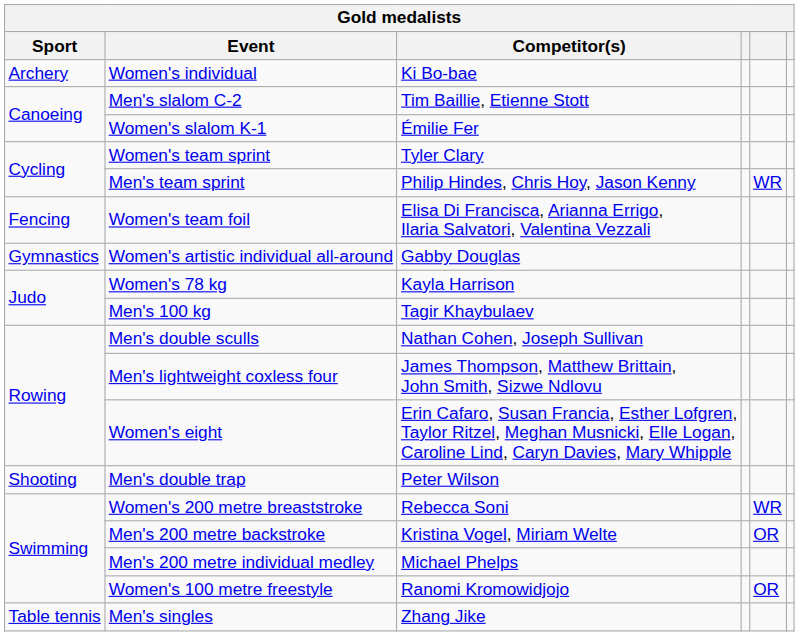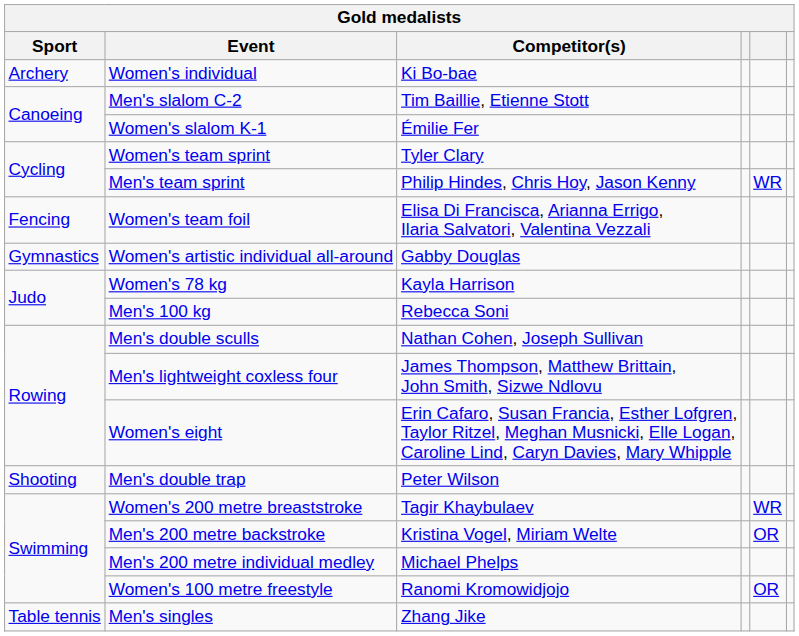 <table class="wikitable">
 <tr>
 <th colspan="6">Gold medalists</th>
 </tr>
 <tr>
 <th>Sport</th>
 <th>Event</th>
 <th>Competitor(s)</th>
 <th></th>
 <th></th>
 <th></th>
 </tr>
 <tr>
 <td><a href='#'>Archery</a></td>
 <td><a href='#'>Women's individual</a></td>
 <td><a href='#'>Ki Bo-bae</a></td>
 <td></td>
 <td></td>
 <td></td>
 </tr>
 <tr>
 <td rowspan="2"><a href='#'>Canoeing</a></td>
 <td><a href='#'>Men's slalom C-2</a></td>
 <td><a href='#'>Tim Baillie</a>, <a href='#'>Etienne Stott</a></td>
 <td></td>
 <td></td>
 <td></td>
 </tr>
 <tr>
 <td><a href='#'>Women's slalom K-1</a></td>
 <td><a href='#'>Émilie Fer</a></td>
 <td></td>
 <td></td>
 <td></td>
 </tr>
 <tr>
 <td rowspan="2"><a href='#'>Cycling</a></td>
 <td><a href='#'>Women's team sprint</a></td>
 <td><a href='#'>Tyler Clary</a></td>
 <td></td>
 <td></td>
 <td></td>
 </tr>
 <tr>
 <td><a href='#'>Men's team sprint</a></td>
 <td><a href='#'>Philip Hindes</a>, <a href='#'>Chris Hoy</a>, <a href='#'>Jason Kenny</a></td>
 <td></td>
 <td><a href='#'>WR</a></td>
 <td></td>
 </tr>
 <tr>
 <td><a href='#'>Fencing</a></td>
 <td><a href='#'>Women's team foil</a></td>
 <td><a href='#'>Elisa Di Francisca</a>, <a href='#'>Arianna Errigo</a>,<br><a href='#'>Ilaria Salvatori</a>, <a href='#'>Valentina Vezzali</a></td>
 <td></td>
 <td></td>
 <td></td>
 </tr>
 <tr>
 <td><a href='#'>Gymnastics</a></td>
 <td><a href='#'>Women's artistic individual all-around</a></td>
 <td><a href='#'>Gabby Douglas</a></td>
 <td></td>
 <td></td>
 <td></td>
 </tr>
 <tr>
 <td rowspan="2"><a href='#'>Judo</a></td>
 <td><a href='#'>Women's 78 kg</a></td>
 <td><a href='#'>Kayla Harrison</a></td>
 <td></td>
 <td></td>
 <td></td>
 </tr>
 <tr>
 <td><a href='#'>Men's 100 kg</a></td>
-<td><a href='#'>Tagir Khaybulaev</a></td>
+<td><a href='#'>Rebecca Soni</a></td>
 <td></td>
 <td></td>
 <td></td>
 </tr>
 <tr>
 <td rowspan="3"><a href='#'>Rowing</a></td>
 <td><a href='#'>Men's double sculls</a></td>
 <td><a href='#'>Nathan Cohen</a>, <a href='#'>Joseph Sullivan</a></td>
 <td></td>
 <td></td>
 <td></td>
 </tr>
 <tr>
 <td><a href='#'>Men's lightweight coxless four</a></td>
 <td><a href='#'>James Thompson</a>, <a href='#'>Matthew Brittain</a>,<br><a href='#'>John Smith</a>, <a href='#'>Sizwe Ndlovu</a></td>
 <td></td>
 <td></td>
 <td></td>
 </tr>
 <tr>
 <td><a href='#'>Women's eight</a></td>
 <td><a href='#'>Erin Cafaro</a>, <a href='#'>Susan Francia</a>, <a href='#'>Esther Lofgren</a>,<br><a href='#'>Taylor Ritzel</a>, <a href='#'>Meghan Musnicki</a>, <a href='#'>Elle Logan</a>,<br><a href='#'>Caroline Lind</a>, <a href='#'>Caryn Davies</a>, <a href='#'>Mary Whipple</a></td>
 <td></td>
 <td></td>
 <td></td>
 </tr>
 <tr>
 <td><a href='#'>Shooting</a></td>
 <td><a href='#'>Men's double trap</a></td>
 <td><a href='#'>Peter Wilson</a></td>
 <td></td>
 <td></td>
 <td></td>
 </tr>
 <tr>
 <td rowspan="4"><a href='#'>Swimming</a></td>
 <td><a href='#'>Women's 200 metre breaststroke</a></td>
-<td><a href='#'>Rebecca Soni</a></td>
+<td><a href='#'>Tagir Khaybulaev</a></td>
 <td></td>
 <td><a href='#'>WR</a></td>
 <td></td>
 </tr>
 <tr>
 <td><a href='#'>Men's 200 metre backstroke</a></td>
 <td><a href='#'>Kristina Vogel</a>, <a href='#'>Miriam Welte</a></td>
 <td></td>
 <td><a href='#'>OR</a></td>
 <td></td>
 </tr>
 <tr>
 <td><a href='#'>Men's 200 metre individual medley</a></td>
 <td><a href='#'>Michael Phelps</a></td>
 <td></td>
 <td></td>
 <td></td>
 </tr>
 <tr>
 <td><a href='#'>Women's 100 metre freestyle</a></td>
 <td><a href='#'>Ranomi Kromowidjojo</a></td>
 <td></td>
 <td><a href='#'>OR</a></td>
 <td></td>
 </tr>
 <tr>
 <td><a href='#'>Table tennis</a></td>
 <td><a href='#'>Men's singles</a></td>
 <td><a href='#'>Zhang Jike</a></td>
 <td></td>
 <td></td>
 <td></td>
 </tr>
 </table>
